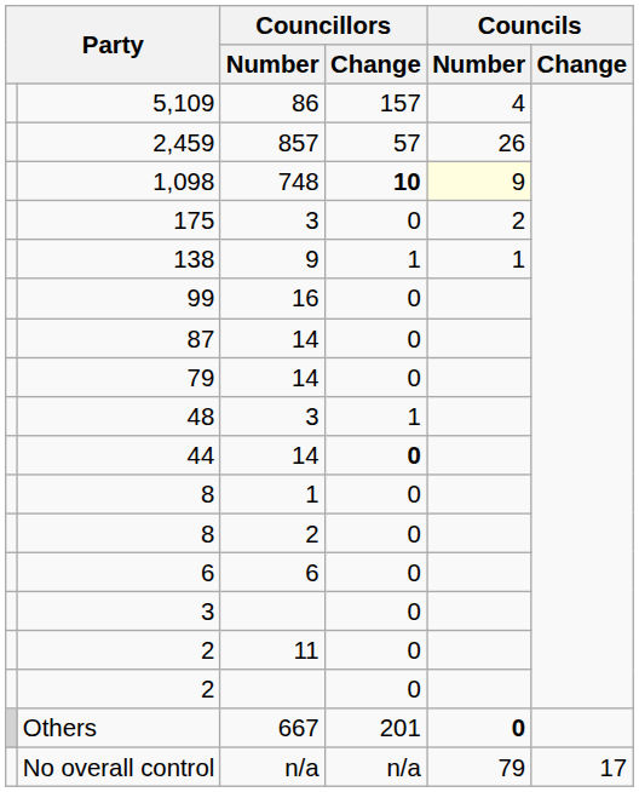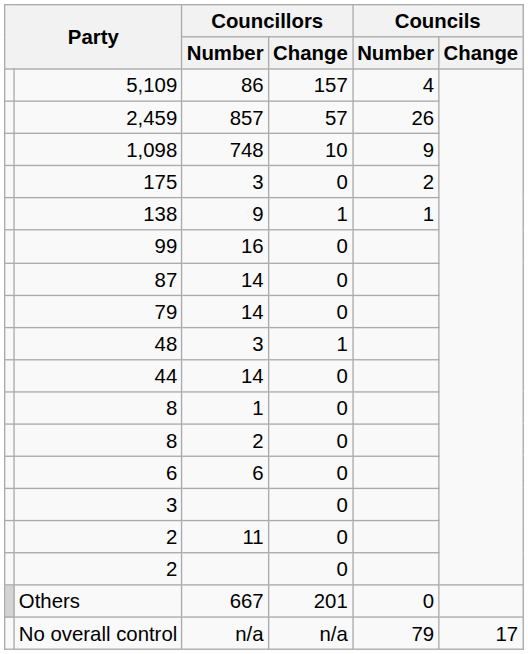 <table class="wikitable" style="text-align:right; font-size:95%;">
 <tr>
 <th colspan="2" rowspan="2">Party</th>
 <th colspan="2">Councillors</th>
 <th colspan="2">Councils</th>
 </tr>
 <tr>
 <th scope="col">Number</th>
 <th scope="col">Change</th>
 <th scope="col">Number</th>
 <th scope="col">Change</th>
 </tr>
 <tr>
 <td></td>
 <td style="text-align:right;">5,109</td>
 <td style="text-align:right;">86</td>
 <td style="text-align:right;">157</td>
 <td style="text-align:right;">4</td>
 </tr>
 <tr>
 <td></td>
 <td style="text-align:right;">2,459</td>
 <td style="text-align:right;">857</td>
 <td style="text-align:right;">57</td>
 <td style="text-align:right;">26</td>
 </tr>
 <tr>
 <td></td>
 <td style="text-align:right;">1,098</td>
 <td style="text-align:right;">748</td>
-<td style="text-align:right;"><strong>10</strong></td>
-<td style="background: lightyellow; text-align:right;">9</td>
+<td style="text-align:right;">10</td>
+<td style="text-align:right;">9</td>
 </tr>
 <tr>
 <td></td>
 <td style="text-align:right;">175</td>
 <td style="text-align:right;">3</td>
 <td style="text-align:right;">0</td>
 <td style="text-align:right;">2</td>
 </tr>
 <tr>
 <td></td>
 <td style="text-align:right;">138</td>
 <td style="text-align:right;">9</td>
 <td style="text-align:right;">1</td>
 <td style="text-align:right;">1</td>
 </tr>
 <tr>
 <td></td>
 <td style="text-align:right;">99</td>
 <td style="text-align:right;">16</td>
 <td style="text-align:right;">0</td>
 <td style="text-align:right;"></td>
 </tr>
 <tr>
 <td></td>
 <td style="text-align:right;">87</td>
 <td style="text-align:right;">14</td>
 <td style="text-align:right;">0</td>
 <td style="text-align:right;"></td>
 </tr>
 <tr>
 <td></td>
 <td style="text-align:right;">79</td>
 <td style="text-align:right;">14</td>
 <td style="text-align:right;">0</td>
 <td style="text-align:right;"></td>
 </tr>
 <tr>
 <td></td>
 <td style="text-align:right;">48</td>
 <td style="text-align:right;">3</td>
 <td style="text-align:right;">1</td>
 <td style="text-align:right;"></td>
 </tr>
 <tr>
 <td></td>
 <td style="text-align:right;">44</td>
 <td style="text-align:right;">14</td>
-<td style="text-align:right;"><strong>0</strong></td>
+<td style="text-align:right;">0</td>
 <td style="text-align:right;"></td>
 </tr>
 <tr>
 <td></td>
 <td style="text-align:right;">8</td>
 <td style="text-align:right;">1</td>
 <td style="text-align:right;">0</td>
 <td style="text-align:right;"></td>
 </tr>
 <tr>
 <td></td>
 <td style="text-align:right;">8</td>
 <td style="text-align:right;">2</td>
 <td style="text-align:right;">0</td>
 <td style="text-align:right;"></td>
 </tr>
 <tr>
 <td></td>
 <td style="text-align:right;">6</td>
 <td style="text-align:right;">6</td>
 <td style="text-align:right;">0</td>
 <td style="text-align:right;"></td>
 </tr>
 <tr>
 <td></td>
 <td style="text-align:right;">3</td>
 <td style="text-align:right;"></td>
 <td style="text-align:right;">0</td>
 <td style="text-align:right;"></td>
 </tr>
 <tr>
 <td></td>
 <td style="text-align:right;">2</td>
 <td style="text-align:right;">11</td>
 <td style="text-align:right;">0</td>
 <td style="text-align:right;"></td>
 </tr>
 <tr>
 <td></td>
 <td style="text-align:right;">2</td>
 <td style="text-align:right;"></td>
 <td style="text-align:right;">0</td>
 <td style="text-align:right;"></td>
 </tr>
 <tr>
 <td style="color:inherit;background:#d3d3d3;"></td>
 <td style="text-align:left;">Others</td>
 <td style="text-align:right;">667</td>
 <td style="text-align:right;">201</td>
-<td style="text-align:right;"><strong>0</strong></td>
+<td style="text-align:right;">0</td>
 <td style="text-align:right;"></td>
 </tr>
 <tr>
 <td style="color:inherit;background:"></td>
 <td style="text-align:left;">No overall control</td>
 <td style="text-align:right;">n/a</td>
 <td style="text-align:right;">n/a</td>
 <td style="text-align:right;">79</td>
 <td style="text-align:right;">17</td>
 </tr>
 </table>
